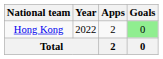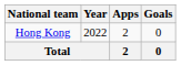 <table class="wikitable" style="text-align:center">
 <tr>
 <th>National team</th>
 <th>Year</th>
 <th>Apps</th>
 <th>Goals</th>
 </tr>
 <tr>
 <td rowspan="1"><a href='#'>Hong Kong</a></td>
 <td>2022</td>
 <td>2</td>
-<td style="background: lightgreen;">0</td>
+<td>0</td>
 </tr>
 <tr>
 <th colspan=2>Total</th>
 <th>2</th>
 <th>0</th>
 </tr>
 </table>
